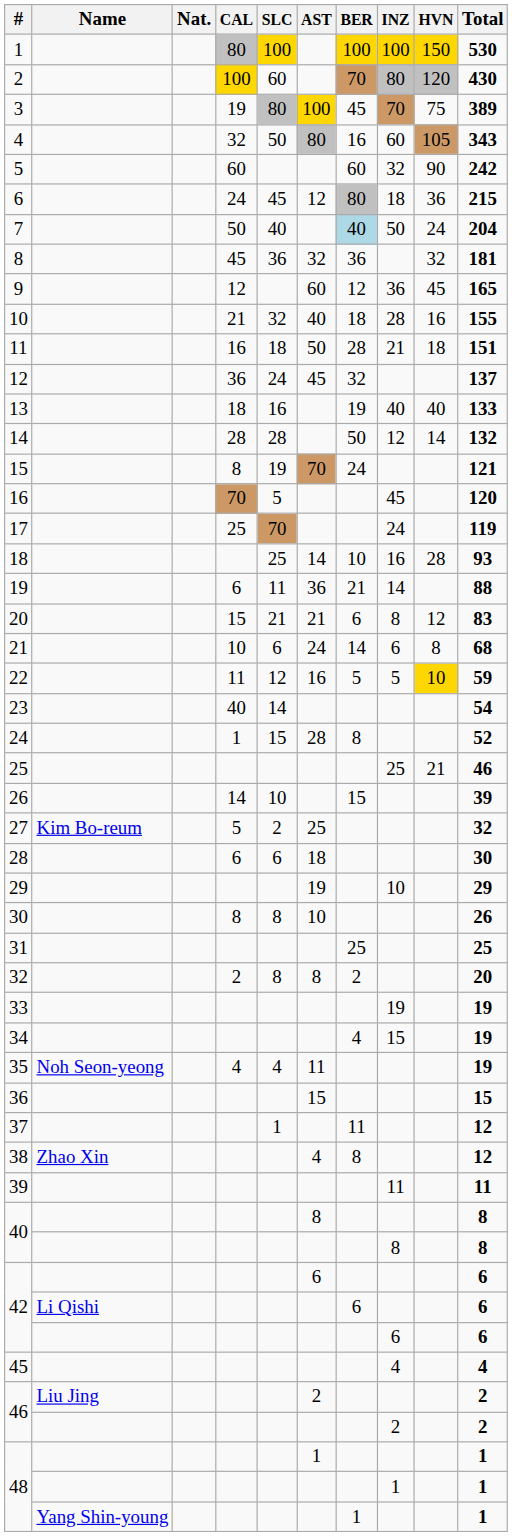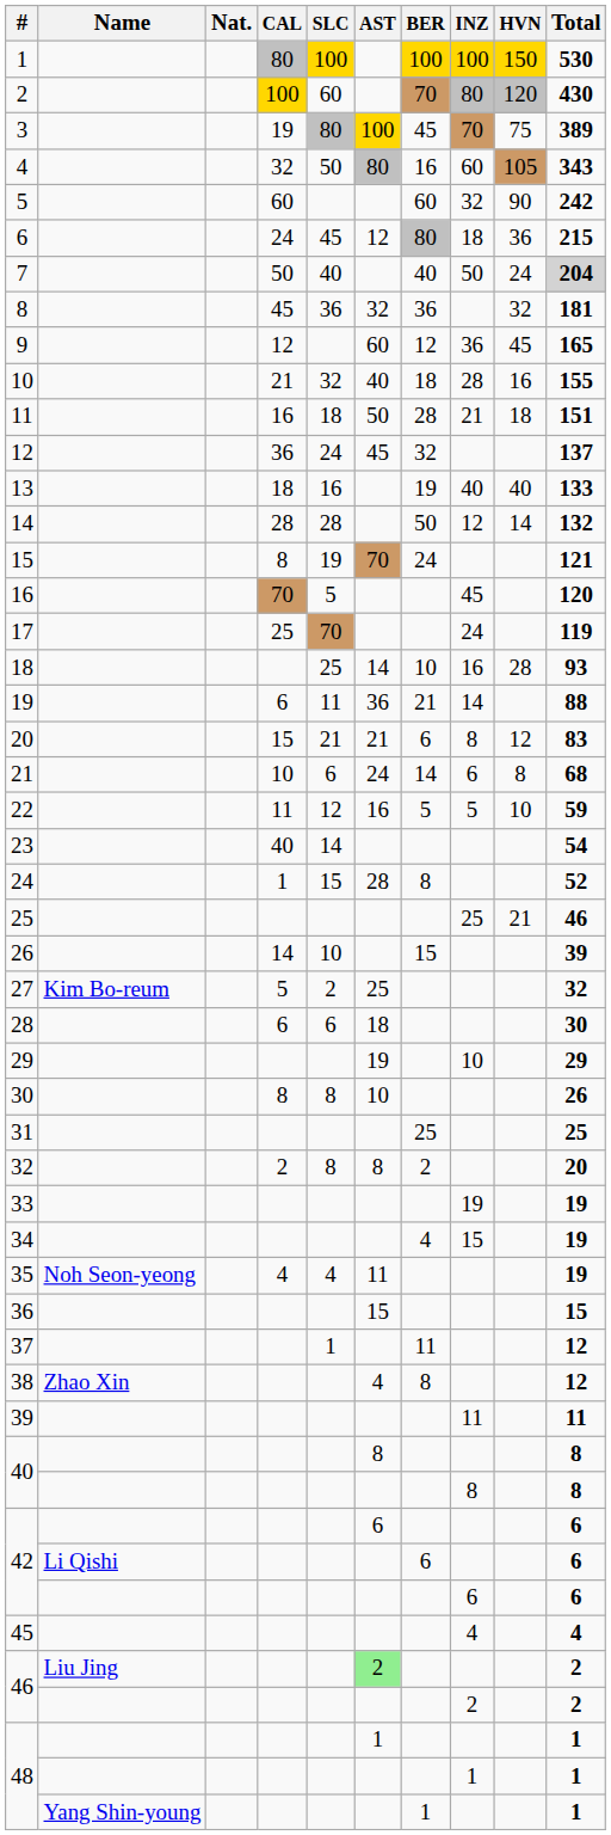 <table class="wikitable sortable" style="text-align:center;">
 <tr>
 <th>#</th>
 <th>Name</th>
 <th>Nat.</th>
 <th><small>CAL</small></th>
 <th><small>SLC</small></th>
 <th><small>AST</small></th>
 <th><small>BER</small></th>
 <th><small>INZ</small></th>
 <th><small>HVN</small></th>
 <th>Total</th>
 </tr>
 <tr>
 <td>1</td>
 <td align=left></td>
 <td></td>
 <td bgcolor=silver>80</td>
 <td bgcolor=gold>100</td>
 <td></td>
 <td bgcolor=gold>100</td>
 <td bgcolor=gold>100</td>
 <td bgcolor=gold>150</td>
 <td><strong>530</strong></td>
 </tr>
 <tr>
 <td>2</td>
 <td align=left></td>
 <td></td>
 <td bgcolor=gold>100</td>
 <td>60</td>
 <td></td>
 <td bgcolor=cc9966>70</td>
 <td bgcolor=silver>80</td>
 <td bgcolor=silver>120</td>
 <td><strong>430</strong></td>
 </tr>
 <tr>
 <td>3</td>
 <td align=left></td>
 <td></td>
 <td>19</td>
 <td bgcolor=silver>80</td>
 <td bgcolor=gold>100</td>
 <td>45</td>
 <td bgcolor=cc9966>70</td>
 <td>75</td>
 <td><strong>389</strong></td>
 </tr>
 <tr>
 <td>4</td>
 <td align=left></td>
 <td></td>
 <td>32</td>
 <td>50</td>
 <td bgcolor=silver>80</td>
 <td>16</td>
 <td>60</td>
 <td bgcolor=cc9966>105</td>
 <td><strong>343</strong></td>
 </tr>
 <tr>
 <td>5</td>
 <td align=left></td>
 <td></td>
 <td>60</td>
 <td></td>
 <td></td>
 <td>60</td>
 <td>32</td>
 <td>90</td>
 <td><strong>242</strong></td>
 </tr>
 <tr>
 <td>6</td>
 <td align=left></td>
 <td></td>
 <td>24</td>
 <td>45</td>
 <td>12</td>
 <td bgcolor=silver>80</td>
 <td>18</td>
 <td>36</td>
 <td><strong>215</strong></td>
 </tr>
 <tr>
 <td>7</td>
 <td align=left></td>
 <td></td>
 <td>50</td>
 <td>40</td>
 <td></td>
-<td style="background: lightblue;">40</td>
+<td>40</td>
 <td>50</td>
 <td>24</td>
-<td><strong>204</strong></td>
+<td style="background: lightgrey;"><strong>204</strong></td>
 </tr>
 <tr>
 <td>8</td>
 <td align=left></td>
 <td></td>
 <td>45</td>
 <td>36</td>
 <td>32</td>
 <td>36</td>
 <td></td>
 <td>32</td>
 <td><strong>181</strong></td>
 </tr>
 <tr>
 <td>9</td>
 <td align=left></td>
 <td></td>
 <td>12</td>
 <td></td>
 <td>60</td>
 <td>12</td>
 <td>36</td>
 <td>45</td>
 <td><strong>165</strong></td>
 </tr>
 <tr>
 <td>10</td>
 <td align=left></td>
 <td></td>
 <td>21</td>
 <td>32</td>
 <td>40</td>
 <td>18</td>
 <td>28</td>
 <td>16</td>
 <td><strong>155</strong></td>
 </tr>
 <tr>
 <td>11</td>
 <td align=left></td>
 <td></td>
 <td>16</td>
 <td>18</td>
 <td>50</td>
 <td>28</td>
 <td>21</td>
 <td>18</td>
 <td><strong>151</strong></td>
 </tr>
 <tr>
 <td>12</td>
 <td align=left></td>
 <td></td>
 <td>36</td>
 <td>24</td>
 <td>45</td>
 <td>32</td>
 <td></td>
 <td></td>
 <td><strong>137</strong></td>
 </tr>
 <tr>
 <td>13</td>
 <td align=left></td>
 <td></td>
 <td>18</td>
 <td>16</td>
 <td></td>
 <td>19</td>
 <td>40</td>
 <td>40</td>
 <td><strong>133</strong></td>
 </tr>
 <tr>
 <td>14</td>
 <td align=left></td>
 <td></td>
 <td>28</td>
 <td>28</td>
 <td></td>
 <td>50</td>
 <td>12</td>
 <td>14</td>
 <td><strong>132</strong></td>
 </tr>
 <tr>
 <td>15</td>
 <td align=left></td>
 <td></td>
 <td>8</td>
 <td>19</td>
 <td bgcolor=cc9966>70</td>
 <td>24</td>
 <td></td>
 <td></td>
 <td><strong>121</strong></td>
 </tr>
 <tr>
 <td>16</td>
 <td align=left></td>
 <td></td>
 <td bgcolor=cc9966>70</td>
 <td>5</td>
 <td></td>
 <td></td>
 <td>45</td>
 <td></td>
 <td><strong>120</strong></td>
 </tr>
 <tr>
 <td>17</td>
 <td align=left></td>
 <td></td>
 <td>25</td>
 <td bgcolor=cc9966>70</td>
 <td></td>
 <td></td>
 <td>24</td>
 <td></td>
 <td><strong>119</strong></td>
 </tr>
 <tr>
 <td>18</td>
 <td align=left></td>
 <td></td>
 <td></td>
 <td>25</td>
 <td>14</td>
 <td>10</td>
 <td>16</td>
 <td>28</td>
 <td><strong>93</strong></td>
 </tr>
 <tr>
 <td>19</td>
 <td align=left></td>
 <td></td>
 <td>6</td>
 <td>11</td>
 <td>36</td>
 <td>21</td>
 <td>14</td>
 <td></td>
 <td><strong>88</strong></td>
 </tr>
 <tr>
 <td>20</td>
 <td align=left></td>
 <td></td>
 <td>15</td>
 <td>21</td>
 <td>21</td>
 <td>6</td>
 <td>8</td>
 <td>12</td>
 <td><strong>83</strong></td>
 </tr>
 <tr>
 <td>21</td>
 <td align=left></td>
 <td></td>
 <td>10</td>
 <td>6</td>
 <td>24</td>
 <td>14</td>
 <td>6</td>
 <td>8</td>
 <td><strong>68</strong></td>
 </tr>
 <tr>
 <td>22</td>
 <td align=left></td>
 <td></td>
 <td>11</td>
 <td>12</td>
 <td>16</td>
 <td>5</td>
 <td>5</td>
-<td style="background: gold;">10</td>
+<td>10</td>
 <td><strong>59</strong></td>
 </tr>
 <tr>
 <td>23</td>
 <td align=left></td>
 <td></td>
 <td>40</td>
 <td>14</td>
 <td></td>
 <td></td>
 <td></td>
 <td></td>
 <td><strong>54</strong></td>
 </tr>
 <tr>
 <td>24</td>
 <td align=left></td>
 <td></td>
 <td>1</td>
 <td>15</td>
 <td>28</td>
 <td>8</td>
 <td></td>
 <td></td>
 <td><strong>52</strong></td>
 </tr>
 <tr>
 <td>25</td>
 <td align=left></td>
 <td></td>
 <td></td>
 <td></td>
 <td></td>
 <td></td>
 <td>25</td>
 <td>21</td>
 <td><strong>46</strong></td>
 </tr>
 <tr>
 <td>26</td>
 <td align=left></td>
 <td></td>
 <td>14</td>
 <td>10</td>
 <td></td>
 <td>15</td>
 <td></td>
 <td></td>
 <td><strong>39</strong></td>
 </tr>
 <tr>
 <td>27</td>
 <td align=left><a href='#'>Kim Bo-reum</a></td>
 <td></td>
 <td>5</td>
 <td>2</td>
 <td>25</td>
 <td></td>
 <td></td>
 <td></td>
 <td><strong>32</strong></td>
 </tr>
 <tr>
 <td>28</td>
 <td align=left></td>
 <td></td>
 <td>6</td>
 <td>6</td>
 <td>18</td>
 <td></td>
 <td></td>
 <td></td>
 <td><strong>30</strong></td>
 </tr>
 <tr>
 <td>29</td>
 <td align=left></td>
 <td></td>
 <td></td>
 <td></td>
 <td>19</td>
 <td></td>
 <td>10</td>
 <td></td>
 <td><strong>29</strong></td>
 </tr>
 <tr>
 <td>30</td>
 <td align=left></td>
 <td></td>
 <td>8</td>
 <td>8</td>
 <td>10</td>
 <td></td>
 <td></td>
 <td></td>
 <td><strong>26</strong></td>
 </tr>
 <tr>
 <td>31</td>
 <td align=left></td>
 <td></td>
 <td></td>
 <td></td>
 <td></td>
 <td>25</td>
 <td></td>
 <td></td>
 <td><strong>25</strong></td>
 </tr>
 <tr>
 <td>32</td>
 <td align=left></td>
 <td></td>
 <td>2</td>
 <td>8</td>
 <td>8</td>
 <td>2</td>
 <td></td>
 <td></td>
 <td><strong>20</strong></td>
 </tr>
 <tr>
 <td>33</td>
 <td align=left></td>
 <td></td>
 <td></td>
 <td></td>
 <td></td>
 <td></td>
 <td>19</td>
 <td></td>
 <td><strong>19</strong></td>
 </tr>
 <tr>
 <td>34</td>
 <td align=left></td>
 <td></td>
 <td></td>
 <td></td>
 <td></td>
 <td>4</td>
 <td>15</td>
 <td></td>
 <td><strong>19</strong></td>
 </tr>
 <tr>
 <td>35</td>
 <td align=left><a href='#'>Noh Seon-yeong</a></td>
 <td></td>
 <td>4</td>
 <td>4</td>
 <td>11</td>
 <td></td>
 <td></td>
 <td></td>
 <td><strong>19</strong></td>
 </tr>
 <tr>
 <td>36</td>
 <td align=left></td>
 <td></td>
 <td></td>
 <td></td>
 <td>15</td>
 <td></td>
 <td></td>
 <td></td>
 <td><strong>15</strong></td>
 </tr>
 <tr>
 <td>37</td>
 <td align=left></td>
 <td></td>
 <td></td>
 <td>1</td>
 <td></td>
 <td>11</td>
 <td></td>
 <td></td>
 <td><strong>12</strong></td>
 </tr>
 <tr>
 <td>38</td>
 <td align=left><a href='#'>Zhao Xin</a></td>
 <td></td>
 <td></td>
 <td></td>
 <td>4</td>
 <td>8</td>
 <td></td>
 <td></td>
 <td><strong>12</strong></td>
 </tr>
 <tr>
 <td>39</td>
 <td align=left></td>
 <td></td>
 <td></td>
 <td></td>
 <td></td>
 <td></td>
 <td>11</td>
 <td></td>
 <td><strong>11</strong></td>
 </tr>
 <tr>
 <td rowspan=2>40</td>
 <td align=left></td>
 <td></td>
 <td></td>
 <td></td>
 <td>8</td>
 <td></td>
 <td></td>
 <td></td>
 <td><strong>8</strong></td>
 </tr>
 <tr>
 <td align=left></td>
 <td></td>
 <td></td>
 <td></td>
 <td></td>
 <td></td>
 <td>8</td>
 <td></td>
 <td><strong>8</strong></td>
 </tr>
 <tr>
 <td rowspan=3>42</td>
 <td align=left></td>
 <td></td>
 <td></td>
 <td></td>
 <td>6</td>
 <td></td>
 <td></td>
 <td></td>
 <td><strong>6</strong></td>
 </tr>
 <tr>
 <td align=left><a href='#'>Li Qishi</a></td>
 <td></td>
 <td></td>
 <td></td>
 <td></td>
 <td>6</td>
 <td></td>
 <td></td>
 <td><strong>6</strong></td>
 </tr>
 <tr>
 <td align=left></td>
 <td></td>
 <td></td>
 <td></td>
 <td></td>
 <td></td>
 <td>6</td>
 <td></td>
 <td><strong>6</strong></td>
 </tr>
 <tr>
 <td>45</td>
 <td align=left></td>
 <td></td>
 <td></td>
 <td></td>
 <td></td>
 <td></td>
 <td>4</td>
 <td></td>
 <td><strong>4</strong></td>
 </tr>
 <tr>
 <td rowspan=2>46</td>
 <td align=left><a href='#'>Liu Jing</a></td>
 <td></td>
 <td></td>
 <td></td>
-<td>2</td>
+<td style="background: lightgreen;">2</td>
 <td></td>
 <td></td>
 <td></td>
 <td><strong>2</strong></td>
 </tr>
 <tr>
 <td align=left></td>
 <td></td>
 <td></td>
 <td></td>
 <td></td>
 <td></td>
 <td>2</td>
 <td></td>
 <td><strong>2</strong></td>
 </tr>
 <tr>
 <td rowspan=3>48</td>
 <td align=left></td>
 <td></td>
 <td></td>
 <td></td>
 <td>1</td>
 <td></td>
 <td></td>
 <td></td>
 <td><strong>1</strong></td>
 </tr>
 <tr>
 <td align=left></td>
 <td></td>
 <td></td>
 <td></td>
 <td></td>
 <td></td>
 <td>1</td>
 <td></td>
 <td><strong>1</strong></td>
 </tr>
 <tr>
 <td align=left><a href='#'>Yang Shin-young</a></td>
 <td></td>
 <td></td>
 <td></td>
 <td></td>
 <td>1</td>
 <td></td>
 <td></td>
 <td><strong>1</strong></td>
 </tr>
 </table>
